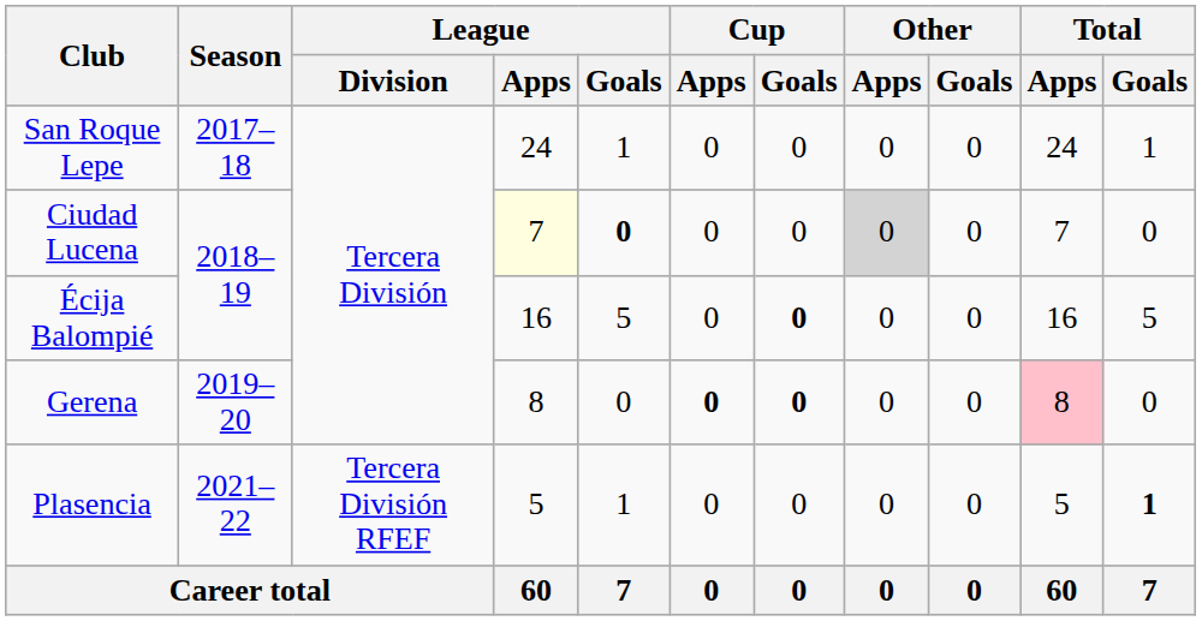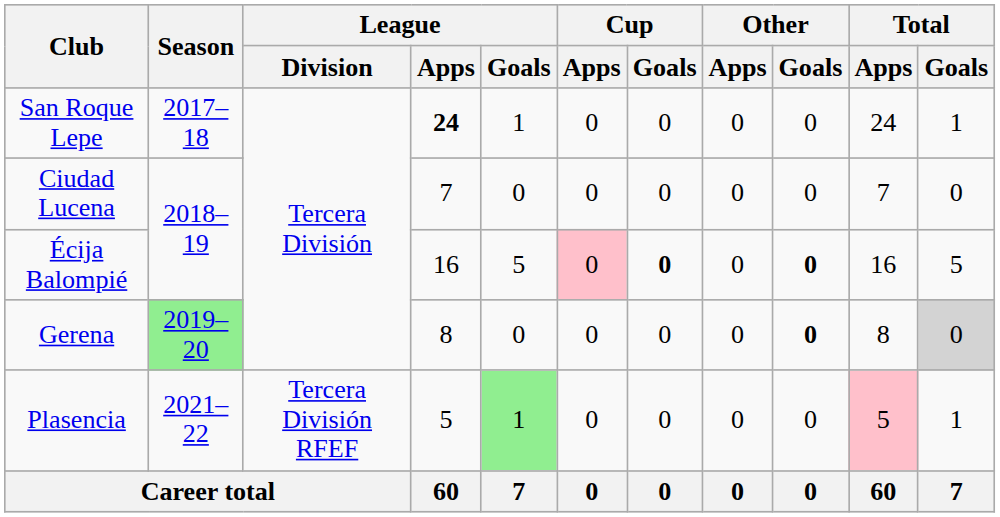 <table class="wikitable" style="text-align: center">
 <tr>
 <th rowspan="2">Club</th>
 <th rowspan="2">Season</th>
 <th colspan="3">League</th>
 <th colspan="2">Cup</th>
 <th colspan="2">Other</th>
 <th colspan="2">Total</th>
 </tr>
 <tr>
 <th>Division</th>
 <th>Apps</th>
 <th>Goals</th>
 <th>Apps</th>
 <th>Goals</th>
 <th>Apps</th>
 <th>Goals</th>
 <th>Apps</th>
 <th>Goals</th>
 </tr>
 <tr>
 <td><a href='#'>San Roque Lepe</a></td>
 <td><a href='#'>2017–18</a></td>
 <td rowspan="4"><a href='#'>Tercera División</a></td>
-<td>24</td>
+<td><strong>24</strong></td>
 <td>1</td>
 <td>0</td>
 <td>0</td>
 <td>0</td>
 <td>0</td>
 <td>24</td>
 <td>1</td>
 </tr>
 <tr>
 <td><a href='#'>Ciudad Lucena</a></td>
 <td rowspan="2"><a href='#'>2018–19</a></td>
-<td style="background: lightyellow;">7</td>
-<td><strong>0</strong></td>
+<td>7</td>
 <td>0</td>
 <td>0</td>
-<td style="background: lightgrey;">0</td>
+<td>0</td>
+<td>0</td>
 <td>0</td>
 <td>7</td>
 <td>0</td>
 </tr>
 <tr>
 <td><a href='#'>Écija Balompié</a></td>
 <td>16</td>
 <td>5</td>
+<td style="background: pink;">0</td>
+<td><strong>0</strong></td>
 <td>0</td>
 <td><strong>0</strong></td>
-<td>0</td>
-<td>0</td>
 <td>16</td>
 <td>5</td>
 </tr>
 <tr>
 <td><a href='#'>Gerena</a></td>
-<td><a href='#'>2019–20</a></td>
+<td style="background: lightgreen;"><a href='#'>2019–20</a></td>
 <td>8</td>
 <td>0</td>
-<td><strong>0</strong></td>
-<td><strong>0</strong></td>
 <td>0</td>
 <td>0</td>
-<td style="background: pink;">8</td>
 <td>0</td>
+<td><strong>0</strong></td>
+<td>8</td>
+<td style="background: lightgrey;">0</td>
 </tr>
 <tr>
 <td><a href='#'>Plasencia</a></td>
 <td><a href='#'>2021–22</a></td>
 <td><a href='#'>Tercera División RFEF</a></td>
 <td>5</td>
-<td>1</td>
+<td style="background: lightgreen;">1</td>
 <td>0</td>
 <td>0</td>
 <td>0</td>
 <td>0</td>
-<td>5</td>
-<td><strong>1</strong></td>
+<td style="background: pink;">5</td>
+<td>1</td>
 </tr>
 <tr>
 <th colspan="3"><strong>Career total</strong></th>
 <th>60</th>
 <th>7</th>
 <th>0</th>
 <th>0</th>
 <th>0</th>
 <th>0</th>
 <th>60</th>
 <th>7</th>
 </tr>
 </table>
